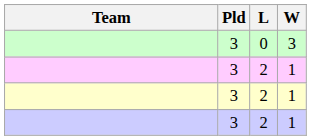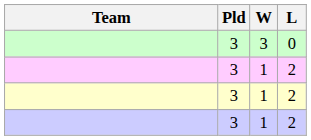 <table class="wikitable" style="text-align:center">
 <tr>
 <th width="200">Team</th>
 <th width="20">Pld</th>
+<th width="20">W</th>
 <th width="20">L</th>
-<th width="20">W</th>
 </tr>
 <tr style="background:#cfc">
 <td align=left></td>
 <td>3</td>
+<td>3</td>
 <td>0</td>
-<td>3</td>
 </tr>
 <tr style="background:#ffccff">
 <td align=left></td>
 <td>3</td>
+<td>1</td>
 <td>2</td>
-<td>1</td>
 </tr>
 <tr style="background:#ffc">
 <td align=left></td>
 <td>3</td>
+<td>1</td>
 <td>2</td>
-<td>1</td>
 </tr>
 <tr bgcolor=ccccff>
 <td align=left></td>
 <td>3</td>
+<td>1</td>
 <td>2</td>
-<td>1</td>
 </tr>
 </table>
